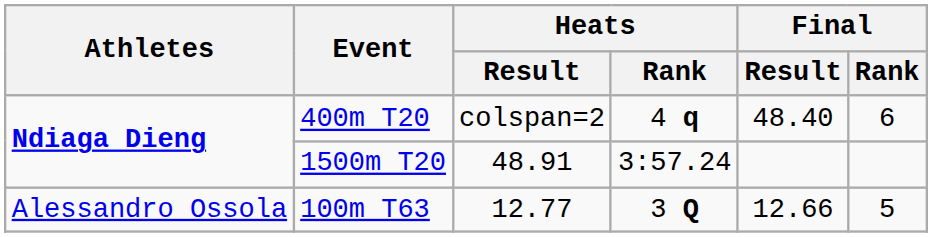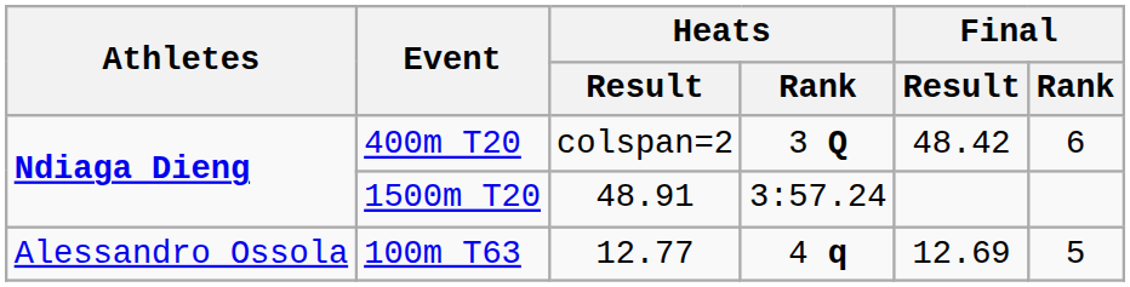 <table class=wikitable style="font-size:90%">
 <tr>
 <th rowspan="2">Athletes</th>
 <th rowspan="2">Event</th>
 <th colspan="2">Heats</th>
 <th colspan="2">Final</th>
 </tr>
 <tr>
 <th>Result</th>
 <th>Rank</th>
 <th>Result</th>
 <th>Rank</th>
 </tr>
 <tr align=center>
 <td align=left rowspan=2><strong><a href='#'>Ndiaga Dieng</a></strong></td>
 <td align=left><a href='#'>400m T20</a></td>
 <td>colspan=2 </td>
-<td>4 <strong>q</strong></td>
-<td>48.40 </td>
+<td>3 <strong>Q</strong></td>
+<td>48.42 </td>
 <td>6</td>
 </tr>
 <tr align=center>
 <td align=left><a href='#'>1500m T20</a></td>
 <td>48.91</td>
 <td>3:57.24</td>
 <td></td>
 </tr>
 <tr align=center>
 <td align=left><a href='#'>Alessandro Ossola</a></td>
 <td align=left><a href='#'>100m T63</a></td>
 <td>12.77</td>
-<td>3 <strong>Q</strong></td>
-<td>12.66</td>
+<td>4 <strong>q</strong></td>
+<td>12.69</td>
 <td>5</td>
 </tr>
 </table>
